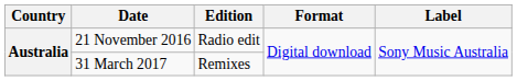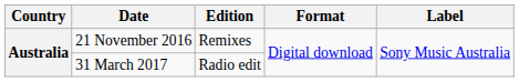 <table class="wikitable plainrowheaders">
 <tr>
 <th scope="col">Country</th>
 <th scope="col">Date</th>
 <th scope="col">Edition</th>
 <th scope="col">Format</th>
 <th scope="col">Label</th>
 </tr>
 <tr>
 <th scope="row" rowspan="2">Australia</th>
 <td>21 November 2016</td>
-<td>Radio edit</td>
+<td>Remixes</td>
 <td rowspan="2"><a href='#'>Digital download</a></td>
 <td rowspan="2"><a href='#'>Sony Music Australia</a></td>
 </tr>
 <tr>
 <td>31 March 2017</td>
-<td>Remixes</td>
+<td>Radio edit</td>
 </tr>
 </table>
